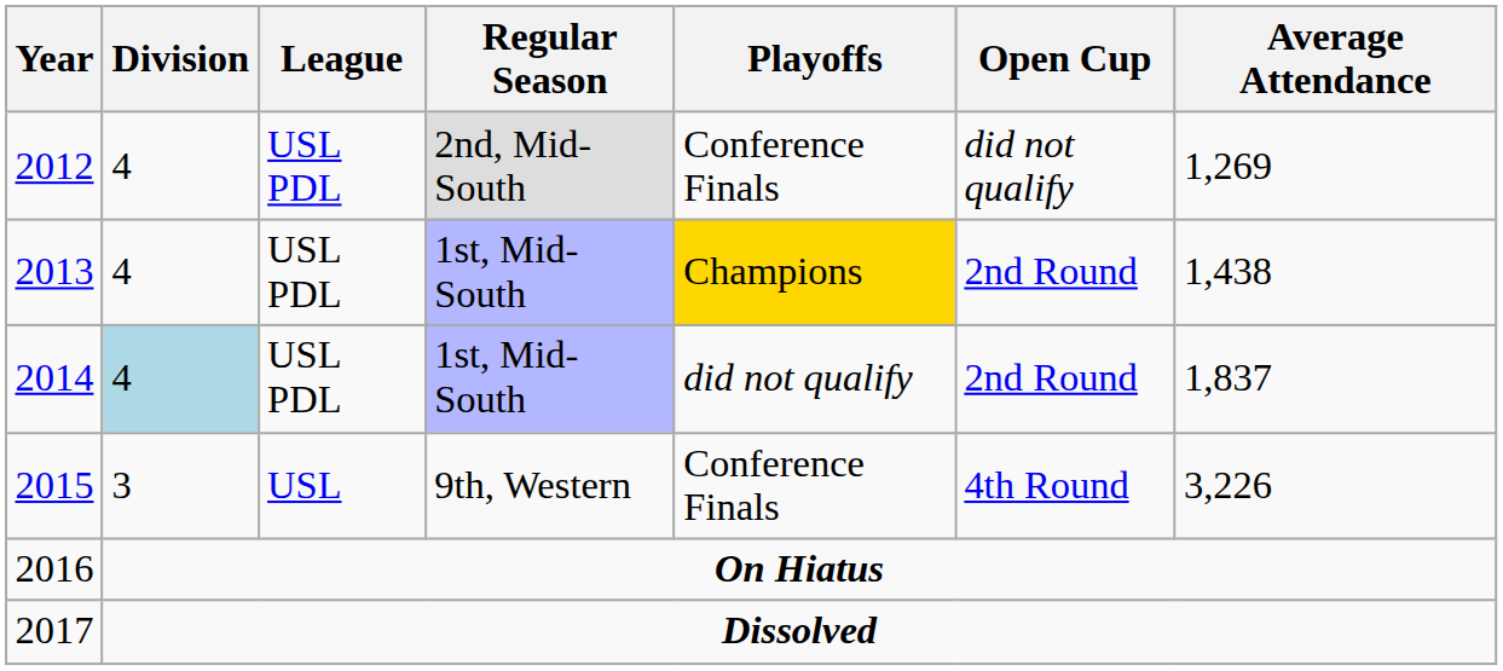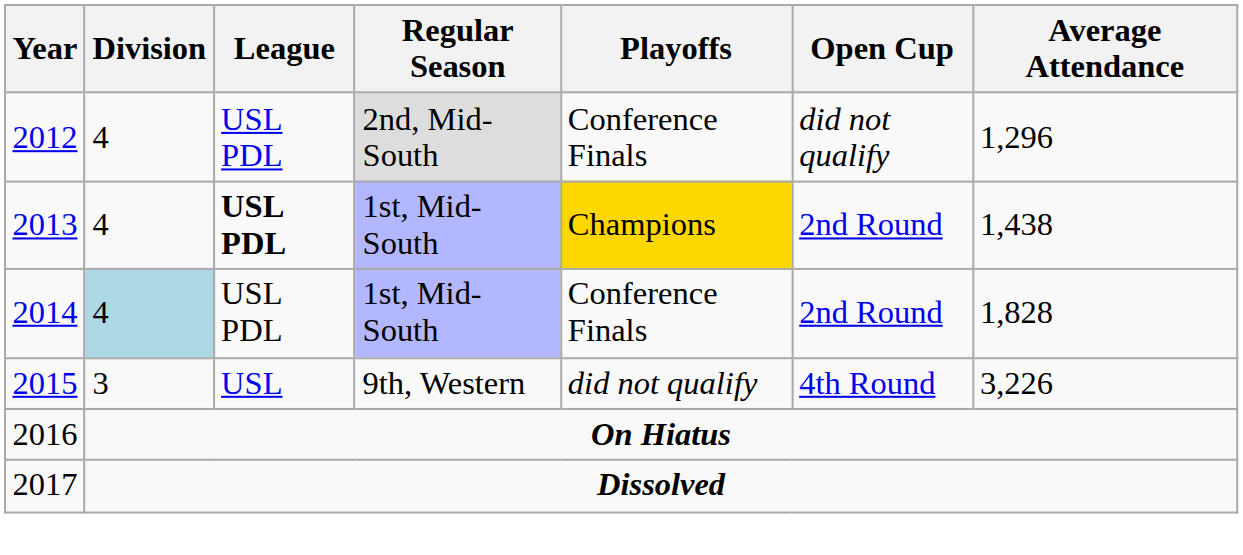 <table class="wikitable">
 <tr>
 <th>Year</th>
 <th>Division</th>
 <th>League</th>
 <th>Regular Season</th>
 <th>Playoffs</th>
 <th>Open Cup</th>
 <th>Average Attendance</th>
 </tr>
 <tr>
 <td><a href='#'>2012</a></td>
 <td>4</td>
 <td><a href='#'>USL PDL</a></td>
 <td style="background:#ddd;">2nd, Mid-South</td>
 <td>Conference Finals</td>
 <td><em>did not qualify</em></td>
-<td>1,269</td>
+<td>1,296</td>
 </tr>
 <tr>
 <td><a href='#'>2013</a></td>
 <td>4</td>
-<td>USL PDL</td>
+<td><strong>USL PDL</strong></td>
 <td style="background:#b3b7ff;">1st, Mid-South</td>
 <td style="background:gold">Champions</td>
 <td><a href='#'>2nd Round</a></td>
 <td>1,438</td>
 </tr>
 <tr>
 <td><a href='#'>2014</a></td>
 <td style="background: lightblue;">4</td>
 <td>USL PDL</td>
 <td style="background:#b3b7ff;">1st, Mid-South</td>
-<td><em>did not qualify</em></td>
+<td>Conference Finals</td>
 <td><a href='#'>2nd Round</a></td>
-<td>1,837</td>
+<td>1,828</td>
 </tr>
 <tr>
 <td><a href='#'>2015</a></td>
 <td>3</td>
 <td><a href='#'>USL</a></td>
 <td>9th, Western</td>
-<td>Conference Finals</td>
+<td><em>did not qualify</em></td>
 <td><a href='#'>4th Round</a></td>
 <td>3,226</td>
 </tr>
 <tr>
 <td>2016</td>
 <td colspan="6" style="text-align: center;"><strong><em>On Hiatus</em></strong></td>
 </tr>
 <tr>
 <td>2017</td>
 <td colspan="6" style="text-align: center;"><strong><em>Dissolved</em></strong></td>
 </tr>
 </table>
